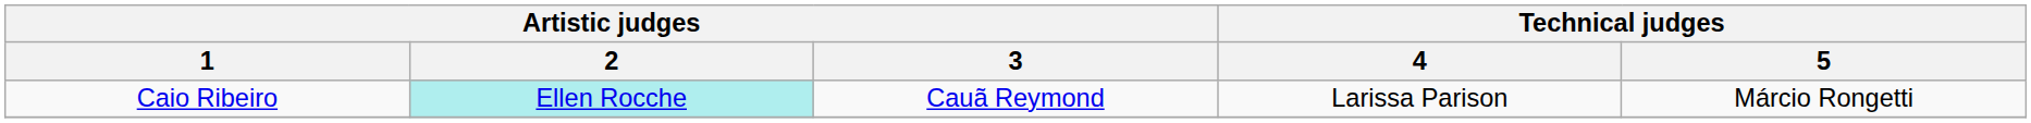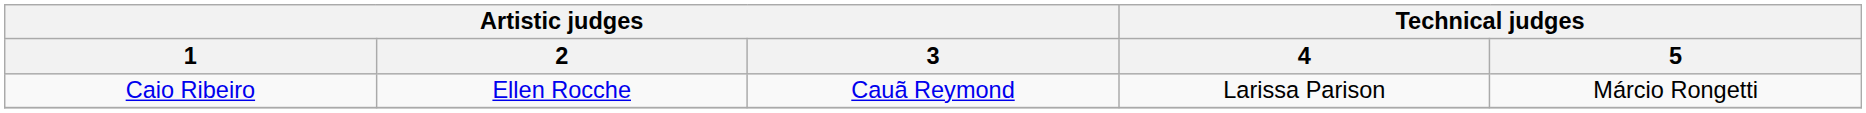 <table class="wikitable" style="font-size:100%; line-height:16px; text-align:center" width="100%">
 <tr>
 <th colspan=3>Artistic judges</th>
 <th colspan=2>Technical judges</th>
 </tr>
 <tr>
 <th width="20.0%">1</th>
 <th width="20.0%">2</th>
 <th width="20.0%">3</th>
 <th width="20.0%">4</th>
 <th width="20.0%">5</th>
 </tr>
 <tr>
 <td><a href='#'>Caio Ribeiro</a></td>
-<td style="background: paleturquoise;"><a href='#'>Ellen Rocche</a></td>
+<td><a href='#'>Ellen Rocche</a></td>
 <td><a href='#'>Cauã Reymond</a></td>
 <td>Larissa Parison</td>
 <td>Márcio Rongetti</td>
 </tr>
 <tr>
 </tr>
 </table>
